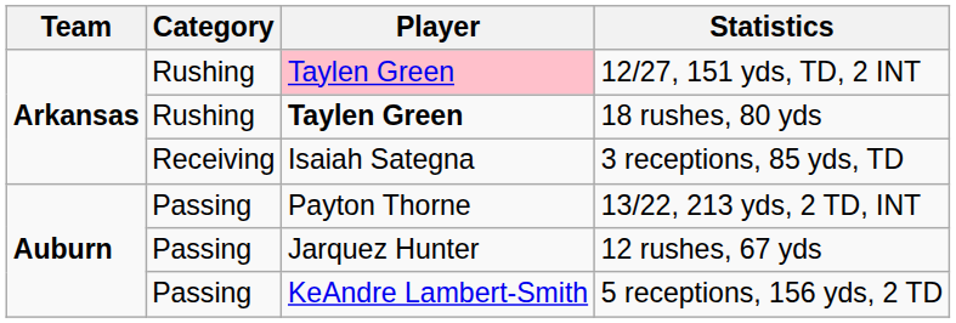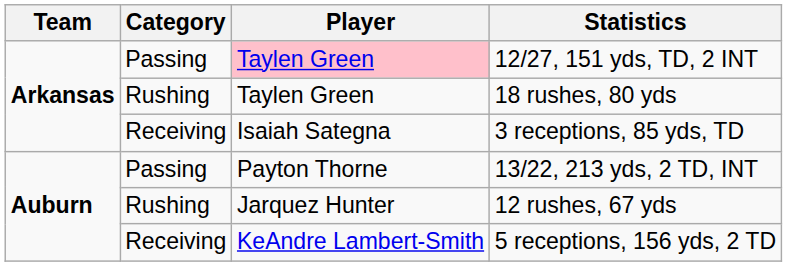 <table class="wikitable" style="float: right;">
 <tr>
 <th>Team</th>
 <th>Category</th>
 <th>Player</th>
 <th>Statistics</th>
 </tr>
 <tr>
 <td rowspan=3><strong>Arkansas</strong></td>
-<td>Rushing</td>
+<td>Passing</td>
 <td style="background: pink;"><a href='#'>Taylen Green</a></td>
 <td>12/27, 151 yds, TD, 2 INT</td>
 </tr>
 <tr>
 <td>Rushing</td>
-<td><strong>Taylen Green</strong></td>
+<td>Taylen Green</td>
 <td>18 rushes, 80 yds</td>
 </tr>
 <tr>
 <td>Receiving</td>
 <td>Isaiah Sategna</td>
 <td>3 receptions, 85 yds, TD</td>
 </tr>
 <tr>
 <td rowspan=3><strong>Auburn</strong></td>
 <td>Passing</td>
 <td>Payton Thorne</td>
 <td>13/22, 213 yds, 2 TD, INT</td>
 </tr>
 <tr>
-<td>Passing</td>
+<td>Rushing</td>
 <td>Jarquez Hunter</td>
 <td>12 rushes, 67 yds</td>
 </tr>
 <tr>
-<td>Passing</td>
+<td>Receiving</td>
 <td><a href='#'>KeAndre Lambert-Smith</a></td>
 <td>5 receptions, 156 yds, 2 TD</td>
 </tr>
 </table>
